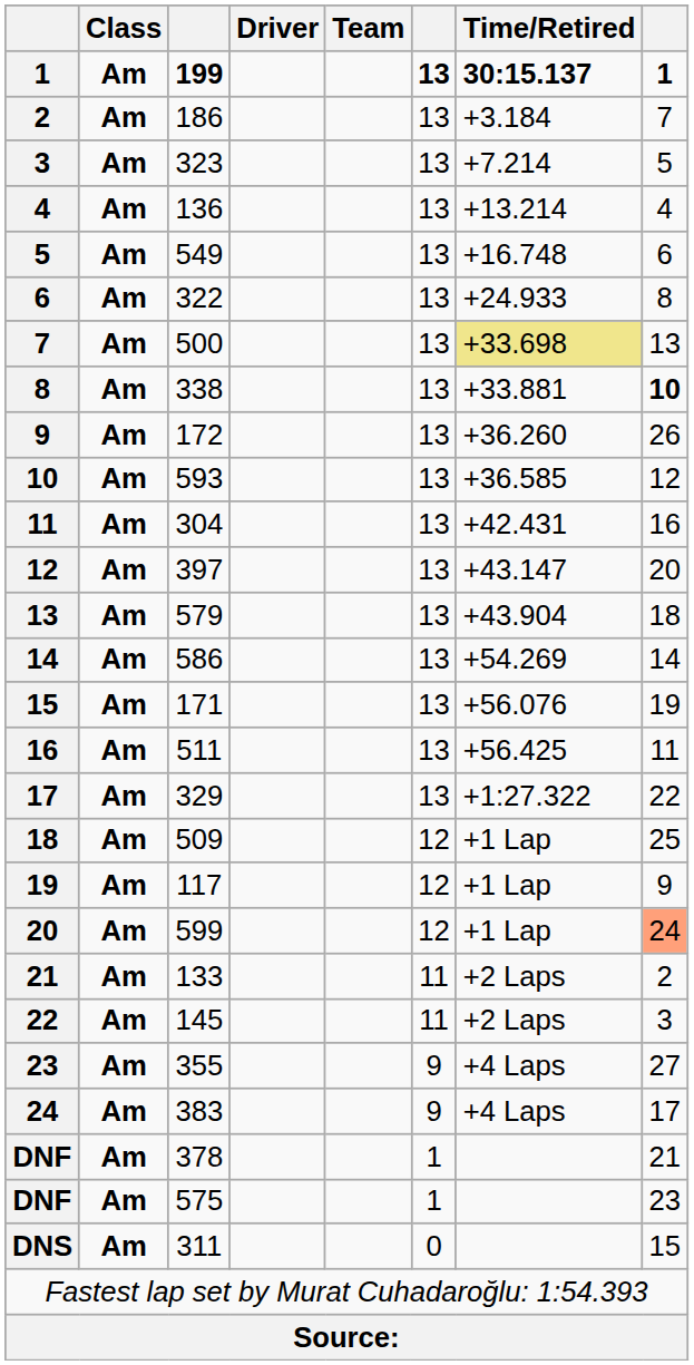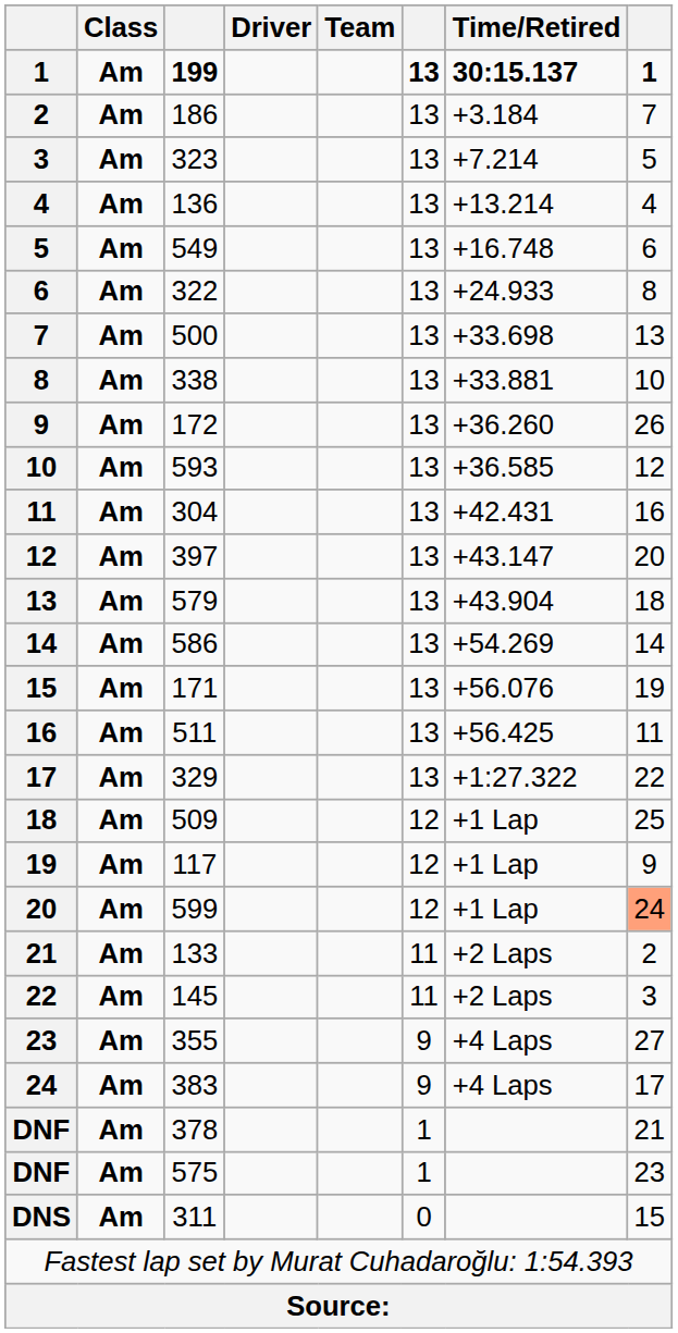 <table class="wikitable" style="font-size:90%;">
 <tr>
 <th scope="col"></th>
 <th scope="col">Class</th>
 <th scope="col"></th>
 <th scope="col">Driver</th>
 <th scope="col">Team</th>
 <th scope="col"></th>
 <th scope="col">Time/Retired</th>
 <th scope="col"></th>
 </tr>
 <tr>
 <th>1</th>
 <td align=center><strong><span>Am</span></strong></td>
 <td align=center><strong>199</strong></td>
 <td></td>
 <td></td>
 <td align=center><strong>13</strong></td>
 <td><strong>30:15.137</strong></td>
 <td align=center><strong>1</strong></td>
 </tr>
 <tr>
 <th>2</th>
 <td align=center><strong><span>Am</span></strong></td>
 <td align=center>186</td>
 <td></td>
 <td></td>
 <td align=center>13</td>
 <td>+3.184</td>
 <td align=center>7</td>
 </tr>
 <tr>
 <th>3</th>
 <td align=center><strong><span>Am</span></strong></td>
 <td align=center>323</td>
 <td></td>
 <td></td>
 <td align=center>13</td>
 <td>+7.214</td>
 <td align=center>5</td>
 </tr>
 <tr>
 <th>4</th>
 <td align=center><strong><span>Am</span></strong></td>
 <td align=center>136</td>
 <td></td>
 <td></td>
 <td align=center>13</td>
 <td>+13.214</td>
 <td align=center>4</td>
 </tr>
 <tr>
 <th>5</th>
 <td align=center><strong><span>Am</span></strong></td>
 <td align=center>549</td>
 <td></td>
 <td></td>
 <td align=center>13</td>
 <td>+16.748</td>
 <td align=center>6</td>
 </tr>
 <tr>
 <th>6</th>
 <td align=center><strong><span>Am</span></strong></td>
 <td align=center>322</td>
 <td></td>
 <td></td>
 <td align=center>13</td>
 <td>+24.933</td>
 <td align=center>8</td>
 </tr>
 <tr>
 <th>7</th>
 <td align=center><strong><span>Am</span></strong></td>
 <td align=center>500</td>
 <td></td>
 <td></td>
 <td align=center>13</td>
-<td style="background: khaki;">+33.698</td>
+<td>+33.698</td>
 <td align=center>13</td>
 </tr>
 <tr>
 <th>8</th>
 <td align=center><strong><span>Am</span></strong></td>
 <td align=center>338</td>
 <td></td>
 <td></td>
 <td align=center>13</td>
 <td>+33.881</td>
-<td align=center><strong>10</strong></td>
+<td align=center>10</td>
 </tr>
 <tr>
 <th>9</th>
 <td align=center><strong><span>Am</span></strong></td>
 <td align=center>172</td>
 <td></td>
 <td></td>
 <td align=center>13</td>
 <td>+36.260</td>
 <td align=center>26</td>
 </tr>
 <tr>
 <th>10</th>
 <td align=center><strong><span>Am</span></strong></td>
 <td align=center>593</td>
 <td></td>
 <td></td>
 <td align=center>13</td>
 <td>+36.585</td>
 <td align=center>12</td>
 </tr>
 <tr>
 <th>11</th>
 <td align=center><strong><span>Am</span></strong></td>
 <td align=center>304</td>
 <td></td>
 <td></td>
 <td align=center>13</td>
 <td>+42.431</td>
 <td align=center>16</td>
 </tr>
 <tr>
 <th>12</th>
 <td align=center><strong><span>Am</span></strong></td>
 <td align=center>397</td>
 <td></td>
 <td></td>
 <td align=center>13</td>
 <td>+43.147</td>
 <td align=center>20</td>
 </tr>
 <tr>
 <th>13</th>
 <td align=center><strong><span>Am</span></strong></td>
 <td align=center>579</td>
 <td></td>
 <td></td>
 <td align=center>13</td>
 <td>+43.904</td>
 <td align=center>18</td>
 </tr>
 <tr>
 <th>14</th>
 <td align=center><strong><span>Am</span></strong></td>
 <td align=center>586</td>
 <td></td>
 <td></td>
 <td align=center>13</td>
 <td>+54.269</td>
 <td align=center>14</td>
 </tr>
 <tr>
 <th>15</th>
 <td align=center><strong><span>Am</span></strong></td>
 <td align=center>171</td>
 <td></td>
 <td></td>
 <td align=center>13</td>
 <td>+56.076</td>
 <td align=center>19</td>
 </tr>
 <tr>
 <th>16</th>
 <td align=center><strong><span>Am</span></strong></td>
 <td align=center>511</td>
 <td></td>
 <td></td>
 <td align=center>13</td>
 <td>+56.425</td>
 <td align=center>11</td>
 </tr>
 <tr>
 <th>17</th>
 <td align=center><strong><span>Am</span></strong></td>
 <td align=center>329</td>
 <td></td>
 <td></td>
 <td align=center>13</td>
 <td>+1:27.322</td>
 <td align=center>22</td>
 </tr>
 <tr>
 <th>18</th>
 <td align=center><strong><span>Am</span></strong></td>
 <td align=center>509</td>
 <td></td>
 <td></td>
 <td align=center>12</td>
 <td>+1 Lap</td>
 <td align=center>25</td>
 </tr>
 <tr>
 <th>19</th>
 <td align=center><strong><span>Am</span></strong></td>
 <td align=center>117</td>
 <td></td>
 <td></td>
 <td align=center>12</td>
 <td>+1 Lap</td>
 <td align=center>9</td>
 </tr>
 <tr>
 <th>20</th>
 <td align=center><strong><span>Am</span></strong></td>
 <td align=center>599</td>
 <td></td>
 <td></td>
 <td align=center>12</td>
 <td>+1 Lap</td>
 <td align=center style="background: lightsalmon;">24</td>
 </tr>
 <tr>
 <th>21</th>
 <td align=center><strong><span>Am</span></strong></td>
 <td align=center>133</td>
 <td></td>
 <td></td>
 <td align=center>11</td>
 <td>+2 Laps</td>
 <td align=center>2</td>
 </tr>
 <tr>
 <th>22</th>
 <td align=center><strong><span>Am</span></strong></td>
 <td align=center>145</td>
 <td></td>
 <td></td>
 <td align=center>11</td>
 <td>+2 Laps</td>
 <td align=center>3</td>
 </tr>
 <tr>
 <th>23</th>
 <td align=center><strong><span>Am</span></strong></td>
 <td align=center>355</td>
 <td></td>
 <td></td>
 <td align=center>9</td>
 <td>+4 Laps</td>
 <td align=center>27</td>
 </tr>
 <tr>
 <th>24</th>
 <td align=center><strong><span>Am</span></strong></td>
 <td align=center>383</td>
 <td></td>
 <td></td>
 <td align=center>9</td>
 <td>+4 Laps</td>
 <td align=center>17</td>
 </tr>
 <tr>
 <th>DNF</th>
 <td align=center><strong><span>Am</span></strong></td>
 <td align=center>378</td>
 <td></td>
 <td></td>
 <td align=center>1</td>
 <td></td>
 <td align=center>21</td>
 </tr>
 <tr>
 <th>DNF</th>
 <td align=center><strong><span>Am</span></strong></td>
 <td align=center>575</td>
 <td></td>
 <td></td>
 <td align=center>1</td>
 <td></td>
 <td align=center>23</td>
 </tr>
 <tr>
 <th>DNS</th>
 <td align=center><strong><span>Am</span></strong></td>
 <td align=center>311</td>
 <td></td>
 <td></td>
 <td align=center>0</td>
 <td></td>
 <td align=center>15</td>
 </tr>
 <tr>
 <td colspan=8 align=center><em>Fastest lap set by Murat Cuhadaroğlu: 1:54.393</em></td>
 </tr>
 <tr>
 <th colspan=8>Source:</th>
 </tr>
 </table>
